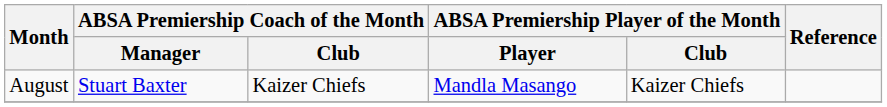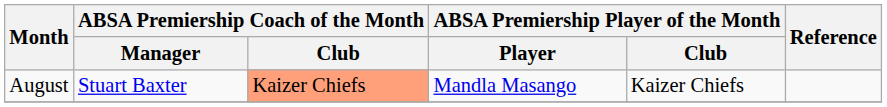 <table class="wikitable">
 <tr>
 <th rowspan="2">Month</th>
 <th colspan="2">ABSA Premiership Coach of the Month</th>
 <th colspan="2">ABSA Premiership Player of the Month</th>
 <th rowspan="2">Reference</th>
 </tr>
 <tr>
 <th>Manager</th>
 <th>Club</th>
 <th>Player</th>
 <th>Club</th>
 </tr>
 <tr>
 <td>August</td>
 <td> <a href='#'>Stuart Baxter</a></td>
-<td>Kaizer Chiefs</td>
+<td style="background: lightsalmon;">Kaizer Chiefs</td>
 <td> <a href='#'>Mandla Masango</a></td>
 <td>Kaizer Chiefs</td>
 <td align=center></td>
 </tr>
 <tr>
 </tr>
 </table>
